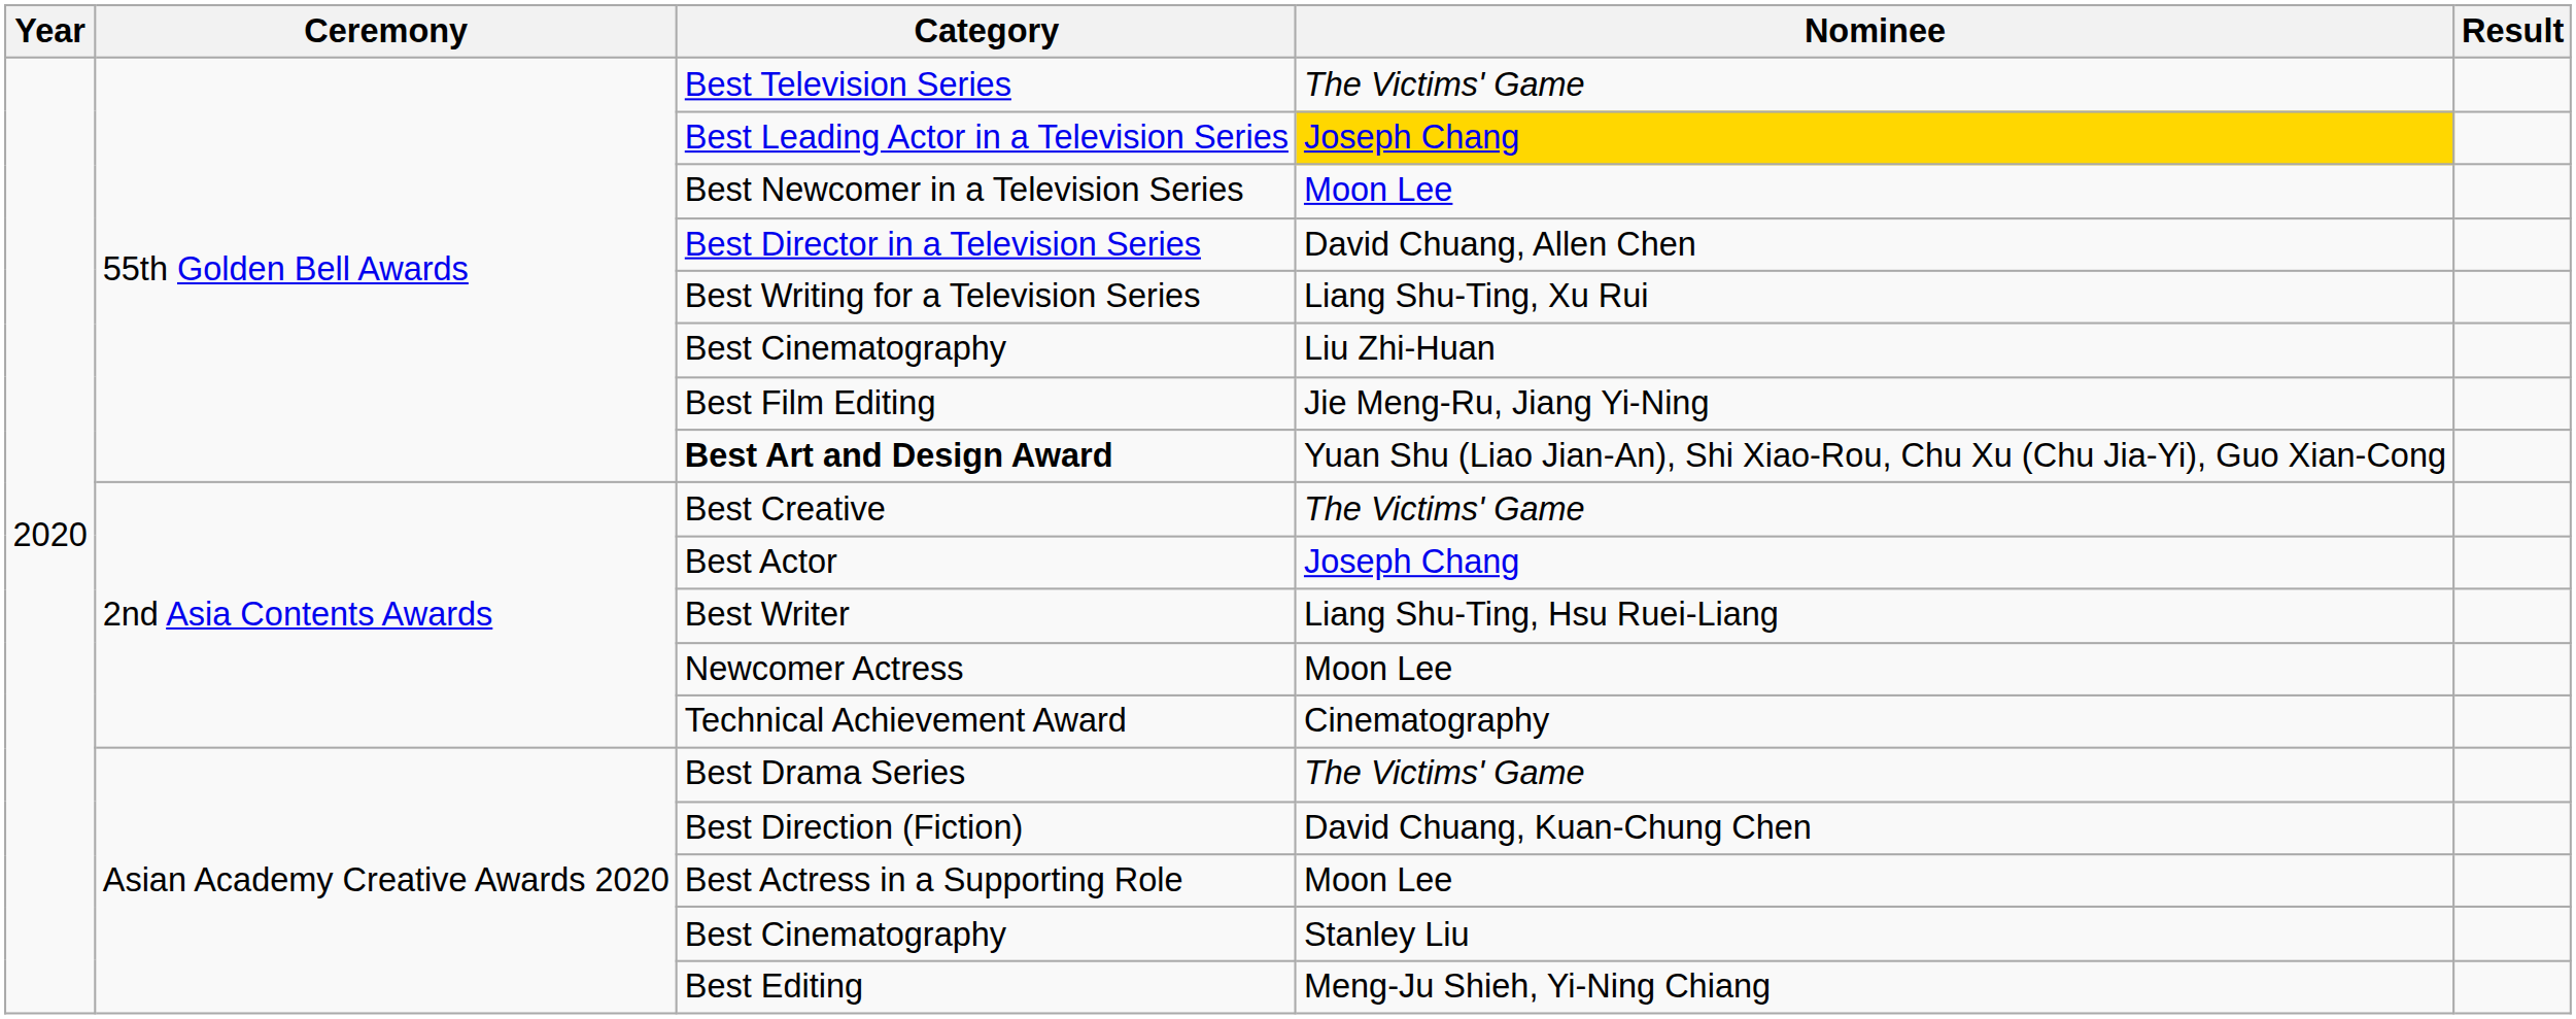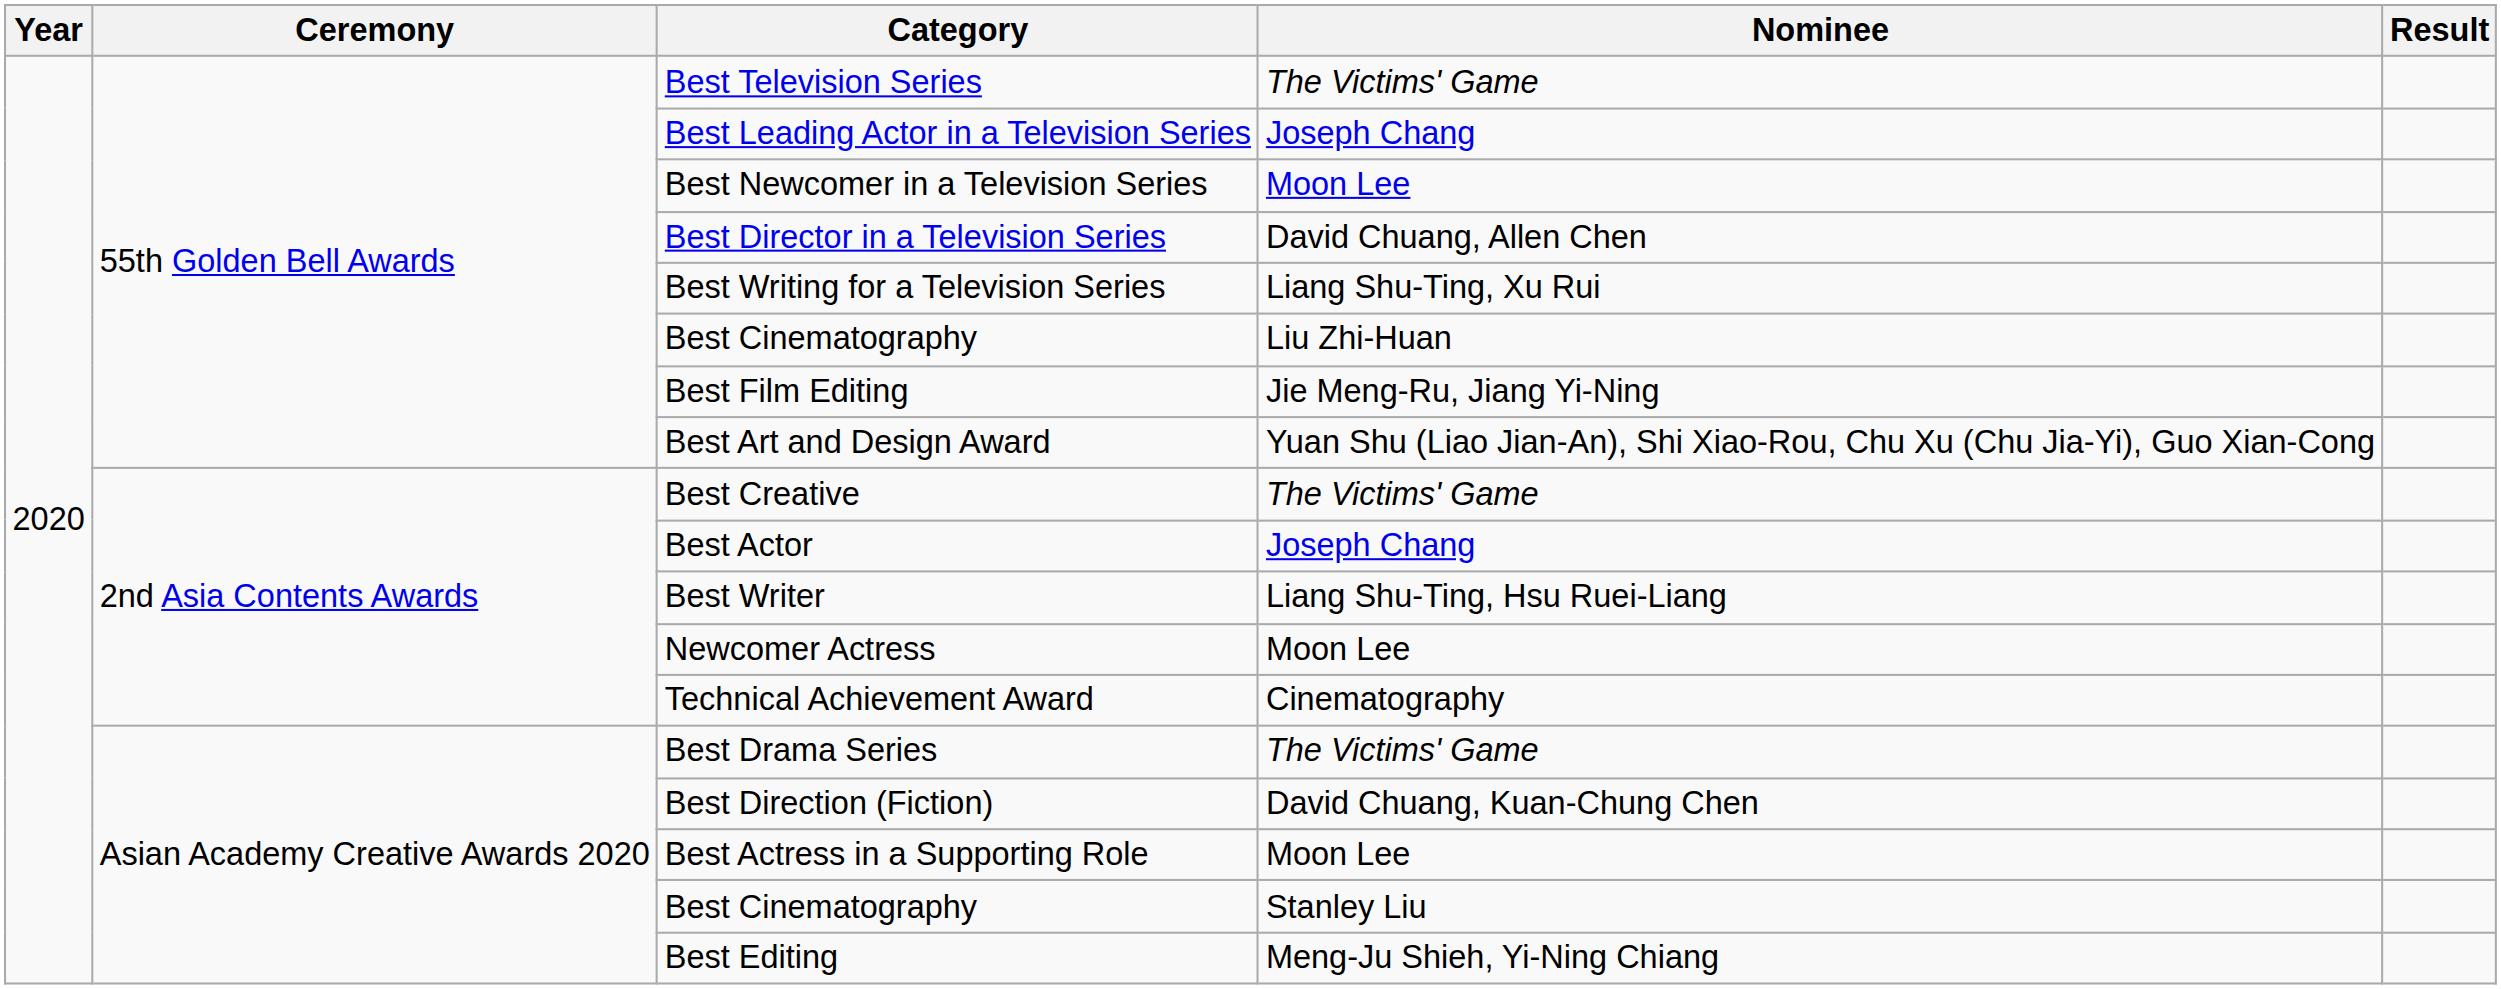 <table class="wikitable">
 <tr>
 <th>Year</th>
 <th>Ceremony</th>
 <th>Category</th>
 <th>Nominee</th>
 <th>Result</th>
 </tr>
 <tr>
 <td rowspan=18>2020</td>
 <td rowspan=8>55th <a href='#'>Golden Bell Awards</a></td>
 <td><a href='#'>Best Television Series</a></td>
 <td><em>The Victims' Game</em></td>
 <td></td>
 </tr>
 <tr>
 <td><a href='#'>Best Leading Actor in a Television Series</a></td>
-<td style="background: gold;"><a href='#'>Joseph Chang</a></td>
+<td><a href='#'>Joseph Chang</a></td>
 <td></td>
 </tr>
 <tr>
 <td>Best Newcomer in a Television Series</td>
 <td><a href='#'>Moon Lee</a></td>
 <td></td>
 </tr>
 <tr>
 <td><a href='#'>Best Director in a Television Series</a></td>
 <td>David Chuang, Allen Chen</td>
 <td></td>
 </tr>
 <tr>
 <td>Best Writing for a Television Series</td>
 <td>Liang Shu-Ting, Xu Rui</td>
 <td></td>
 </tr>
 <tr>
 <td>Best Cinematography</td>
 <td>Liu Zhi-Huan</td>
 <td></td>
 </tr>
 <tr>
 <td>Best Film Editing</td>
 <td>Jie Meng-Ru, Jiang Yi-Ning</td>
 <td></td>
 </tr>
 <tr>
-<td><strong>Best Art and Design Award</strong></td>
+<td>Best Art and Design Award</td>
 <td>Yuan Shu (Liao Jian-An), Shi Xiao-Rou, Chu Xu (Chu Jia-Yi), Guo Xian-Cong</td>
 <td></td>
 </tr>
 <tr>
 <td rowspan=5>2nd <a href='#'>Asia Contents Awards</a></td>
 <td>Best Creative</td>
 <td><em>The Victims' Game</em></td>
 <td></td>
 </tr>
 <tr>
 <td>Best Actor</td>
 <td><a href='#'>Joseph Chang</a></td>
 <td></td>
 </tr>
 <tr>
 <td>Best Writer</td>
 <td>Liang Shu-Ting, Hsu Ruei-Liang</td>
 <td></td>
 </tr>
 <tr>
 <td>Newcomer Actress</td>
 <td>Moon Lee</td>
 <td></td>
 </tr>
 <tr>
 <td>Technical Achievement Award</td>
 <td>Cinematography</td>
 <td></td>
 </tr>
 <tr>
 <td rowspan=5>Asian Academy Creative Awards 2020</td>
 <td>Best Drama Series</td>
 <td><em>The Victims' Game</em></td>
 <td></td>
 </tr>
 <tr>
 <td>Best Direction (Fiction)</td>
 <td>David Chuang, Kuan-Chung Chen</td>
 <td></td>
 </tr>
 <tr>
 <td>Best Actress in a Supporting Role</td>
 <td>Moon Lee</td>
 <td></td>
 </tr>
 <tr>
 <td>Best Cinematography</td>
 <td>Stanley Liu</td>
 <td></td>
 </tr>
 <tr>
 <td>Best Editing</td>
 <td>Meng-Ju Shieh, Yi-Ning Chiang</td>
 <td></td>
 </tr>
 </table>
